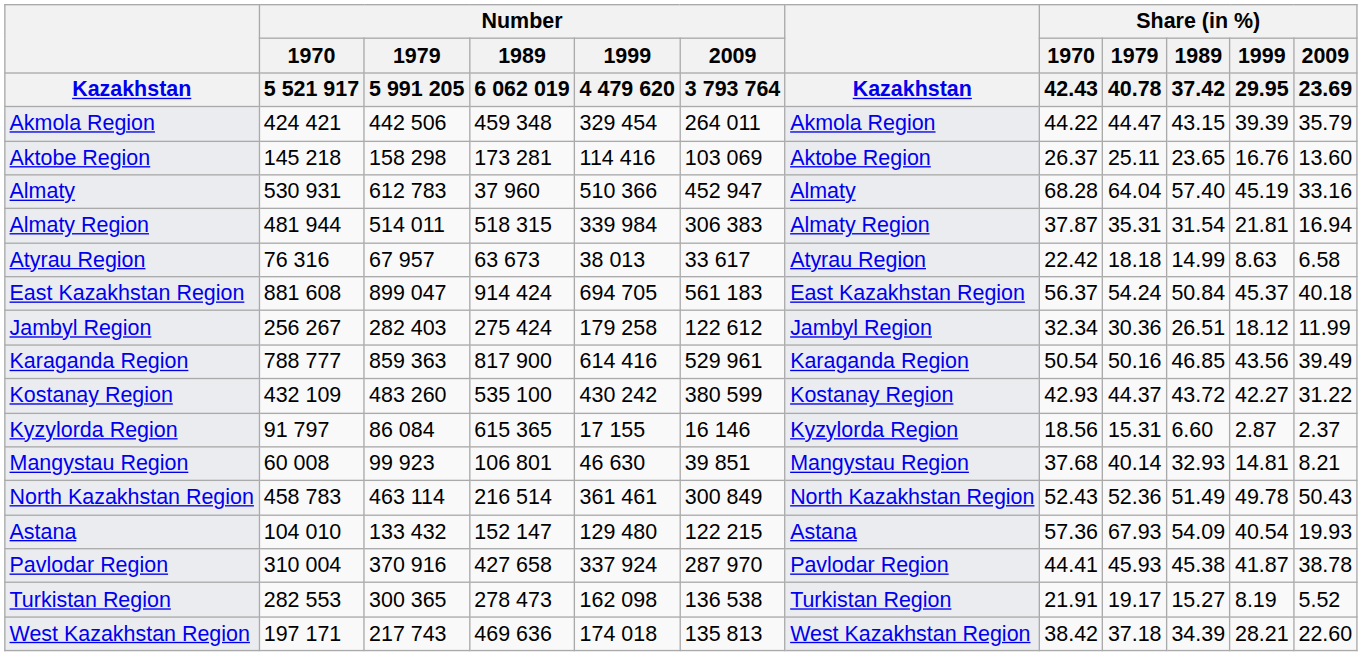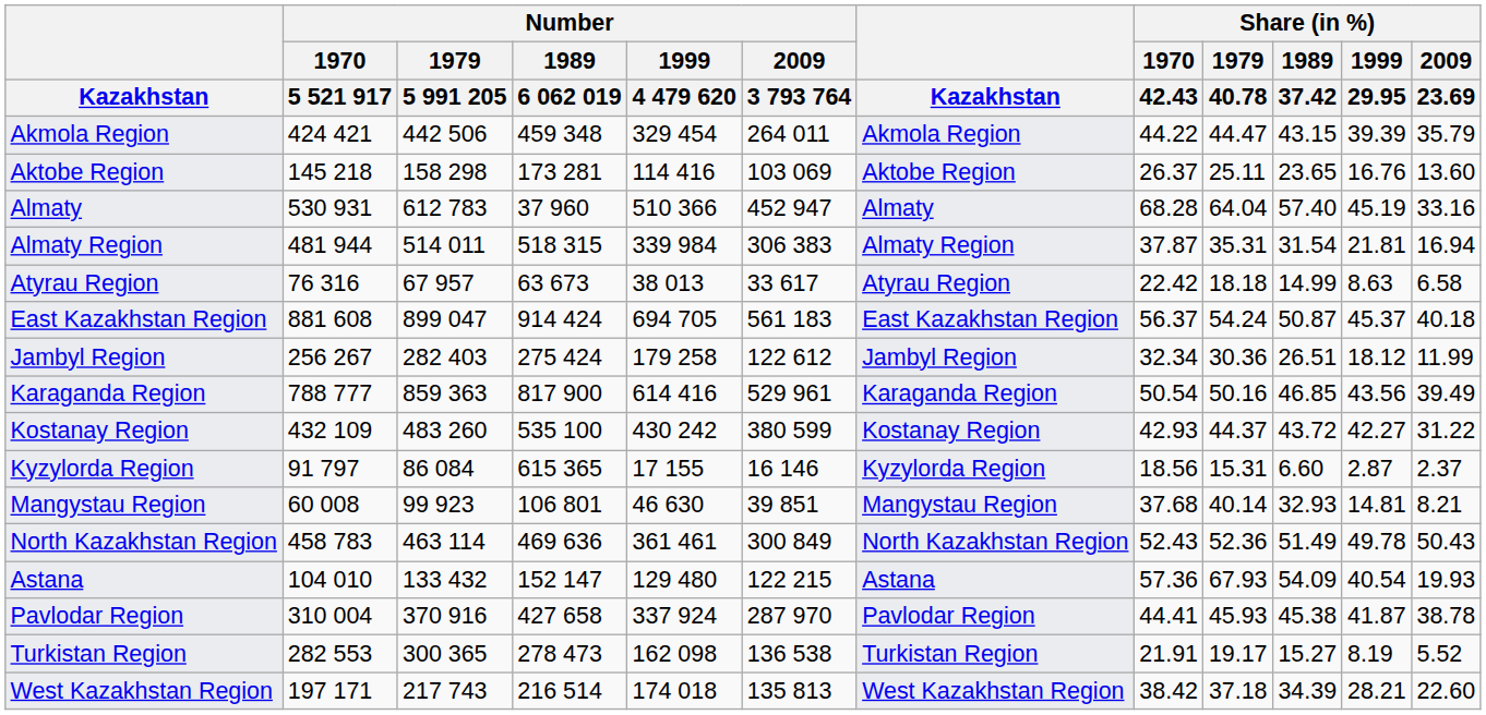 <table class="wikitable sortable" style="margin-left:auto;margin-right:auto" style="text-align:right;">
 <tr bgcolor="#ececec" valign=top>
 <th rowspan="2"></th>
 <th colspan="5">Number</th>
 <th rowspan="2"></th>
 <th colspan="5">Share (in %)</th>
 </tr>
 <tr valign=top>
 <th>1970</th>
 <th>1979</th>
 <th>1989</th>
 <th>1999</th>
 <th>2009</th>
 <th>1970</th>
 <th>1979</th>
 <th>1989</th>
 <th>1999</th>
 <th>2009</th>
 </tr>
 <tr valign=top>
 <th align="center"><a href='#'>Kazakhstan</a></th>
 <th>5 521 917</th>
 <th>5 991 205</th>
 <th>6 062 019</th>
 <th>4 479 620</th>
 <th>3 793 764</th>
 <th align="center"><a href='#'>Kazakhstan</a></th>
 <th>42.43</th>
 <th>40.78</th>
 <th>37.42</th>
 <th>29.95</th>
 <th>23.69</th>
 </tr>
 <tr>
 <td align="left" bgcolor="#eaecf0"><a href='#'>Akmola Region</a></td>
 <td>424 421</td>
 <td>442 506</td>
 <td>459 348</td>
 <td>329 454</td>
 <td>264 011</td>
 <td align="left" bgcolor="#eaecf0"><a href='#'>Akmola Region</a></td>
 <td>44.22</td>
 <td>44.47</td>
 <td>43.15</td>
 <td>39.39</td>
 <td>35.79</td>
 </tr>
 <tr>
 <td align="left" bgcolor="#eaecf0"><a href='#'>Aktobe Region</a></td>
 <td>145 218</td>
 <td>158 298</td>
 <td>173 281</td>
 <td>114 416</td>
 <td>103 069</td>
 <td align="left" bgcolor="#eaecf0"><a href='#'>Aktobe Region</a></td>
 <td>26.37</td>
 <td>25.11</td>
 <td>23.65</td>
 <td>16.76</td>
 <td>13.60</td>
 </tr>
 <tr>
 <td align="left" bgcolor="#eaecf0"><a href='#'>Almaty</a></td>
 <td>530 931</td>
 <td>612 783</td>
 <td>37 960</td>
 <td>510 366</td>
 <td>452 947</td>
 <td align="left" bgcolor="#eaecf0"><a href='#'>Almaty</a></td>
 <td>68.28</td>
 <td>64.04</td>
 <td>57.40</td>
 <td>45.19</td>
 <td>33.16</td>
 </tr>
 <tr>
 <td align="left" bgcolor="#eaecf0"><a href='#'>Almaty Region</a></td>
 <td>481 944</td>
 <td>514 011</td>
 <td>518 315</td>
 <td>339 984</td>
 <td>306 383</td>
 <td align="left" bgcolor="#eaecf0"><a href='#'>Almaty Region</a></td>
 <td>37.87</td>
 <td>35.31</td>
 <td>31.54</td>
 <td>21.81</td>
 <td>16.94</td>
 </tr>
 <tr>
 <td align="left" bgcolor="#eaecf0"><a href='#'>Atyrau Region</a></td>
 <td>76 316</td>
 <td>67 957</td>
 <td>63 673</td>
 <td>38 013</td>
 <td>33 617</td>
 <td align="left" bgcolor="#eaecf0"><a href='#'>Atyrau Region</a></td>
 <td>22.42</td>
 <td>18.18</td>
 <td>14.99</td>
 <td>8.63</td>
 <td>6.58</td>
 </tr>
 <tr>
 <td align="left" bgcolor="#eaecf0"><a href='#'>East Kazakhstan Region</a></td>
 <td>881 608</td>
 <td>899 047</td>
 <td>914 424</td>
 <td>694 705</td>
 <td>561 183</td>
 <td align="left" bgcolor="#eaecf0"><a href='#'>East Kazakhstan Region</a></td>
 <td>56.37</td>
 <td>54.24</td>
-<td>50.84</td>
+<td>50.87</td>
 <td>45.37</td>
 <td>40.18</td>
 </tr>
 <tr>
 <td align="left" bgcolor="#eaecf0"><a href='#'>Jambyl Region</a></td>
 <td>256 267</td>
 <td>282 403</td>
 <td>275 424</td>
 <td>179 258</td>
 <td>122 612</td>
 <td align="left" bgcolor="#eaecf0"><a href='#'>Jambyl Region</a></td>
 <td>32.34</td>
 <td>30.36</td>
 <td>26.51</td>
 <td>18.12</td>
 <td>11.99</td>
 </tr>
 <tr>
 <td align="left" bgcolor="#eaecf0"><a href='#'>Karaganda Region</a></td>
 <td>788 777</td>
 <td>859 363</td>
 <td>817 900</td>
 <td>614 416</td>
 <td>529 961</td>
 <td align="left" bgcolor="#eaecf0"><a href='#'>Karaganda Region</a></td>
 <td>50.54</td>
 <td>50.16</td>
 <td>46.85</td>
 <td>43.56</td>
 <td>39.49</td>
 </tr>
 <tr>
 <td align="left" bgcolor="#eaecf0"><a href='#'>Kostanay Region</a></td>
 <td>432 109</td>
 <td>483 260</td>
 <td>535 100</td>
 <td>430 242</td>
 <td>380 599</td>
 <td align="left" bgcolor="#eaecf0"><a href='#'>Kostanay Region</a></td>
 <td>42.93</td>
 <td>44.37</td>
 <td>43.72</td>
 <td>42.27</td>
 <td>31.22</td>
 </tr>
 <tr>
 <td align="left" bgcolor="#eaecf0"><a href='#'>Kyzylorda Region</a></td>
 <td>91 797</td>
 <td>86 084</td>
 <td>615 365</td>
 <td>17 155</td>
 <td>16 146</td>
 <td align="left" bgcolor="#eaecf0"><a href='#'>Kyzylorda Region</a></td>
 <td>18.56</td>
 <td>15.31</td>
 <td>6.60</td>
 <td>2.87</td>
 <td>2.37</td>
 </tr>
 <tr>
 <td align="left" bgcolor="#eaecf0"><a href='#'>Mangystau Region</a></td>
 <td>60 008</td>
 <td>99 923</td>
 <td>106 801</td>
 <td>46 630</td>
 <td>39 851</td>
 <td align="left" bgcolor="#eaecf0"><a href='#'>Mangystau Region</a></td>
 <td>37.68</td>
 <td>40.14</td>
 <td>32.93</td>
 <td>14.81</td>
 <td>8.21</td>
 </tr>
 <tr>
 <td align="left" bgcolor="#eaecf0"><a href='#'>North Kazakhstan Region</a></td>
 <td>458 783</td>
 <td>463 114</td>
-<td>216 514</td>
+<td>469 636</td>
 <td>361 461</td>
 <td>300 849</td>
 <td align="left" bgcolor="#eaecf0"><a href='#'>North Kazakhstan Region</a></td>
 <td>52.43</td>
 <td>52.36</td>
 <td>51.49</td>
 <td>49.78</td>
 <td>50.43</td>
 </tr>
 <tr>
 <td align="left" bgcolor="#eaecf0"><a href='#'>Astana</a></td>
 <td>104 010</td>
 <td>133 432</td>
 <td>152 147</td>
 <td>129 480</td>
 <td>122 215</td>
 <td align="left" bgcolor="#eaecf0"><a href='#'>Astana</a></td>
 <td>57.36</td>
 <td>67.93</td>
 <td>54.09</td>
 <td>40.54</td>
 <td>19.93</td>
 </tr>
 <tr>
 <td align="left" bgcolor="#eaecf0"><a href='#'>Pavlodar Region</a></td>
 <td>310 004</td>
 <td>370 916</td>
 <td>427 658</td>
 <td>337 924</td>
 <td>287 970</td>
 <td align="left" bgcolor="#eaecf0"><a href='#'>Pavlodar Region</a></td>
 <td>44.41</td>
 <td>45.93</td>
 <td>45.38</td>
 <td>41.87</td>
 <td>38.78</td>
 </tr>
 <tr>
 <td align="left" bgcolor="#eaecf0"><a href='#'>Turkistan Region</a></td>
 <td>282 553</td>
 <td>300 365</td>
 <td>278 473</td>
 <td>162 098</td>
 <td>136 538</td>
 <td align="left" bgcolor="#eaecf0"><a href='#'>Turkistan Region</a></td>
 <td>21.91</td>
 <td>19.17</td>
 <td>15.27</td>
 <td>8.19</td>
 <td>5.52</td>
 </tr>
 <tr>
 <td align="left" bgcolor="#eaecf0"><a href='#'>West Kazakhstan Region</a></td>
 <td>197 171</td>
 <td>217 743</td>
-<td>469 636</td>
+<td>216 514</td>
 <td>174 018</td>
 <td>135 813</td>
 <td align="left" bgcolor="#eaecf0"><a href='#'>West Kazakhstan Region</a></td>
 <td>38.42</td>
 <td>37.18</td>
 <td>34.39</td>
 <td>28.21</td>
 <td>22.60</td>
 </tr>
 </table>
